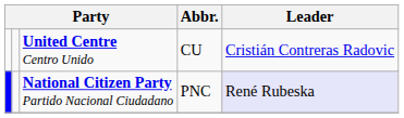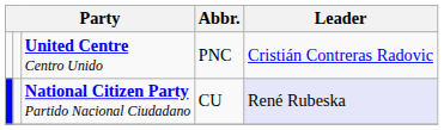 <table class="wikitable" style="font-size:100%">
 <tr>
 <th colspan=3>Party</th>
 <th>Abbr.</th>
 <th>Leader</th>
 </tr>
 <tr>
 <td style="background-color: "></td>
 <td></td>
 <td><strong><a href='#'>United Centre</a></strong><br><small><em>Centro Unido</em></small></td>
-<td>CU</td>
+<td>PNC</td>
 <td><a href='#'>Cristián Contreras Radovic</a></td>
 </tr>
 <tr>
 <td style="background-color: #0000FE"></td>
 <td></td>
 <td><strong><a href='#'>National Citizen Party</a></strong><br><small><em>Partido Nacional Ciudadano</em></small></td>
-<td>PNC</td>
+<td>CU</td>
 <td style="background: lavender;">René Rubeska</td>
 </tr>
 <tr>
 </tr>
 </table>
